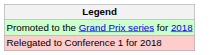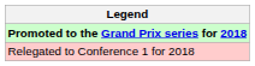 <table class="wikitable">
 <tr>
 <th>Legend</th>
 </tr>
 <tr bgcolor=ccffcc>
-<td>Promoted to the <a href='#'>Grand Prix series</a> for <a href='#'>2018</a></td>
+<td><strong>Promoted to the <a href='#'>Grand Prix series</a> for <a href='#'>2018</a></strong></td>
 </tr>
 <tr bgcolor=ffcccc>
 <td>Relegated to Conference 1 for 2018</td>
 </tr>
 </table>
